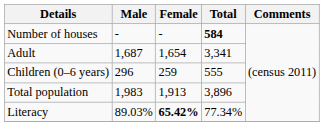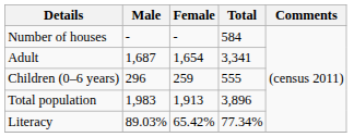 <table class="wikitable sortable">
 <tr>
 <th>Details</th>
 <th>Male</th>
 <th>Female</th>
 <th>Total</th>
 <th>Comments</th>
 </tr>
 <tr>
 <td>Number of houses</td>
 <td>-</td>
 <td>-</td>
-<td><strong>584</strong></td>
+<td>584</td>
 <td rowspan="5">(census 2011) </td>
 </tr>
 <tr>
 <td>Adult</td>
 <td>1,687</td>
 <td>1,654</td>
 <td>3,341</td>
 </tr>
 <tr>
 <td>Children (0–6 years)</td>
 <td>296</td>
 <td>259</td>
 <td>555</td>
 </tr>
 <tr>
 <td>Total population</td>
 <td>1,983</td>
 <td>1,913</td>
 <td>3,896</td>
 </tr>
 <tr>
 <td>Literacy</td>
 <td>89.03%</td>
-<td><strong>65.42%</strong></td>
+<td>65.42%</td>
 <td>77.34%</td>
 </tr>
 <tr>
 </tr>
 </table>
